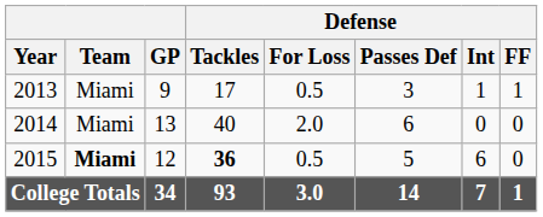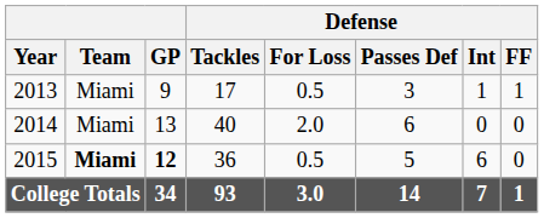 <table class="wikitable" style="text-align:center;">
 <tr>
 <th colspan=3></th>
 <th colspan=5>Defense</th>
 </tr>
 <tr>
 <th>Year</th>
 <th>Team</th>
 <th>GP</th>
 <th>Tackles</th>
 <th>For Loss</th>
 <th>Passes Def</th>
 <th>Int</th>
 <th>FF</th>
 </tr>
 <tr>
 <td>2013</td>
 <td>Miami</td>
 <td>9</td>
 <td>17</td>
 <td>0.5</td>
 <td>3</td>
 <td>1</td>
 <td>1</td>
 </tr>
 <tr>
 <td>2014</td>
 <td>Miami</td>
 <td>13</td>
 <td>40</td>
 <td>2.0</td>
 <td>6</td>
 <td>0</td>
 <td>0</td>
 </tr>
 <tr>
 <td>2015</td>
 <td><strong>Miami</strong></td>
-<td>12</td>
-<td><strong>36</strong></td>
+<td><strong>12</strong></td>
+<td>36</td>
 <td>0.5</td>
 <td>5</td>
 <td>6</td>
 <td>0</td>
 </tr>
 <tr style="background:#555; font-weight:bold; color:white;">
 <td colspan=2>College Totals</td>
 <td>34</td>
 <td>93</td>
 <td>3.0</td>
 <td>14</td>
 <td>7</td>
 <td>1</td>
 </tr>
 </table>
